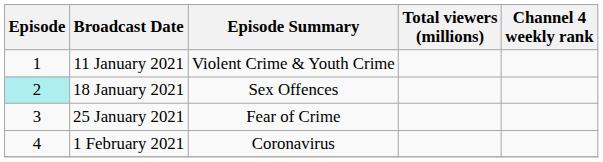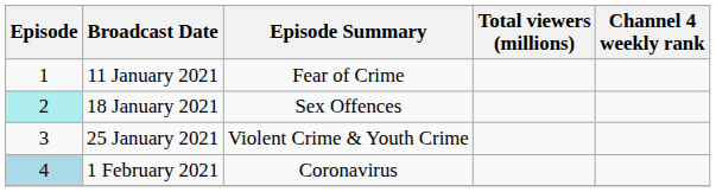 <table class=wikitable style="text-align:center">
 <tr>
 <th scope="col">Episode</th>
 <th scope="col">Broadcast Date</th>
 <th scope="col">Episode Summary</th>
 <th scope="col">Total viewers<br>(millions)</th>
 <th scope="col">Channel 4<br>weekly rank</th>
 </tr>
 <tr>
 <td>1</td>
 <td>11 January 2021</td>
-<td>Violent Crime & Youth Crime</td>
+<td>Fear of Crime</td>
 <td></td>
 <td></td>
 </tr>
 <tr>
 <td style="background: paleturquoise;">2</td>
 <td>18 January 2021</td>
 <td>Sex Offences</td>
 <td></td>
 <td></td>
 </tr>
 <tr>
 <td>3</td>
 <td>25 January 2021</td>
-<td>Fear of Crime</td>
+<td>Violent Crime & Youth Crime</td>
 <td></td>
 <td></td>
 </tr>
 <tr>
-<td>4</td>
+<td style="background: lightblue;">4</td>
 <td>1 February 2021</td>
 <td>Coronavirus</td>
 <td></td>
 <td></td>
 </tr>
 <tr>
 </tr>
 </table>
